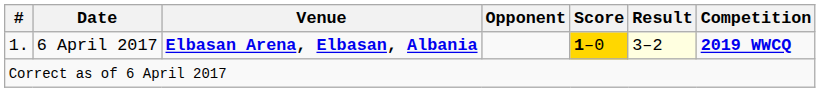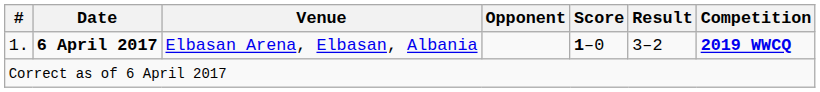 <table class="wikitable">
 <tr>
 <th>#</th>
 <th>Date</th>
 <th>Venue</th>
 <th>Opponent</th>
 <th>Score</th>
 <th>Result</th>
 <th>Competition</th>
 </tr>
 <tr>
 <td>1.</td>
-<td>6 April 2017</td>
-<td><strong><a href='#'>Elbasan Arena</a>, <a href='#'>Elbasan</a>, <a href='#'>Albania</a></strong></td>
+<td><strong>6 April 2017</strong></td>
+<td><a href='#'>Elbasan Arena</a>, <a href='#'>Elbasan</a>, <a href='#'>Albania</a></td>
 <td></td>
-<td style="background: gold;"><strong>1</strong>–0</td>
-<td style="background: lightyellow;">3–2</td>
+<td><strong>1</strong>–0</td>
+<td>3–2</td>
 <td><strong><a href='#'>2019 WWCQ</a></strong></td>
 </tr>
 <tr>
 <td colspan="12"><small>Correct as of 6 April 2017</small></td>
 </tr>
 </table>
